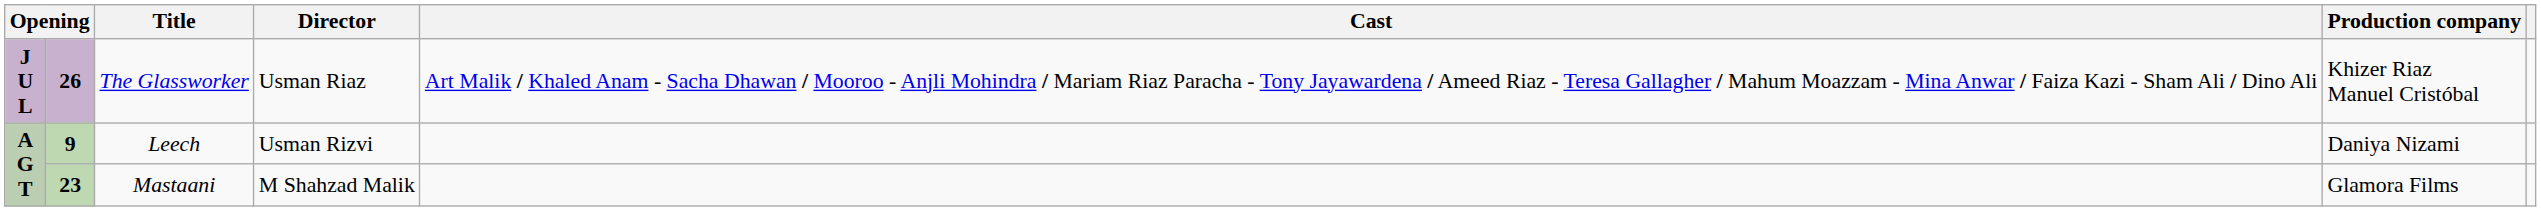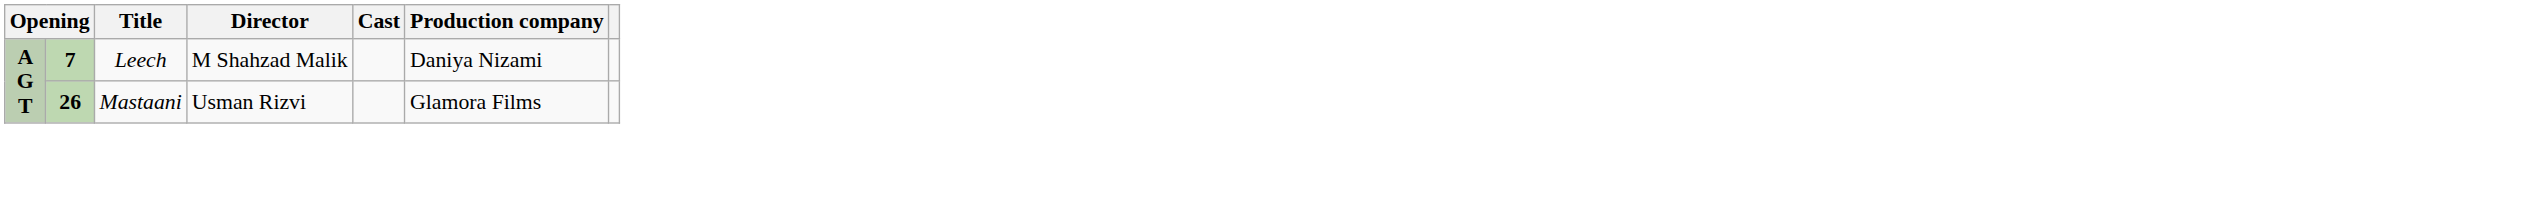 <table class="wikitable sortable">
 <tr>
 <th colspan="2"><strong>Opening</strong></th>
 <th><strong>Title</strong></th>
 <th><strong>Director</strong></th>
 <th><strong>Cast</strong></th>
 <th><strong>Production company</strong></th>
 <th></th>
 </tr>
 <tr>
-<td style="text-align:center; background:#c7b1ce; textcolor:#000;"><strong>J<br>U<br>L</strong></td>
-<td style="text-align:center;background:#c7b1ce;"><strong>26</strong></td>
-<td style="text-align:center;"><em><a href='#'>The Glassworker</a></em></td>
-<td>Usman Riaz</td>
-<td><a href='#'>Art Malik</a> <strong>/</strong> <a href='#'>Khaled Anam</a> - <a href='#'>Sacha Dhawan</a> <strong>/</strong> <a href='#'>Mooroo</a> - <a href='#'>Anjli Mohindra</a> <strong>/</strong> Mariam Riaz Paracha  - <a href='#'>Tony Jayawardena</a> <strong>/</strong> Ameed Riaz - <a href='#'>Teresa Gallagher</a> <strong>/</strong> Mahum Moazzam - <a href='#'>Mina Anwar</a> <strong>/</strong> Faiza Kazi - Sham Ali <strong>/</strong> Dino Ali</td>
-<td>Khizer Riaz<br>Manuel Cristóbal</td>
-<td></td>
-</tr>
-<tr>
 <td rowspan="2" style="text-align:center; background:#BBCEB1; textcolor:#000; "><strong>A<br>G<br>T</strong></td>
-<td style="text-align:center;background:#BED8B1;"><strong>9</strong></td>
+<td style="text-align:center;background:#BED8B1;"><strong>7</strong></td>
 <td style="text-align:center;"><em>Leech</em></td>
-<td>Usman Rizvi</td>
+<td>M Shahzad Malik</td>
 <td></td>
 <td>Daniya Nizami</td>
 <td></td>
 </tr>
 <tr>
-<td style="text-align:center;background:#BED8B1;"><strong>23</strong></td>
+<td style="text-align:center;background:#BED8B1;"><strong>26</strong></td>
 <td style="text-align:center;"><em>Mastaani</em></td>
-<td>M Shahzad Malik</td>
+<td>Usman Rizvi</td>
 <td></td>
 <td>Glamora Films</td>
 <td></td>
 </tr>
 </table>
